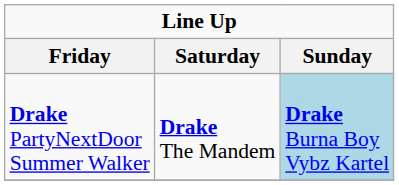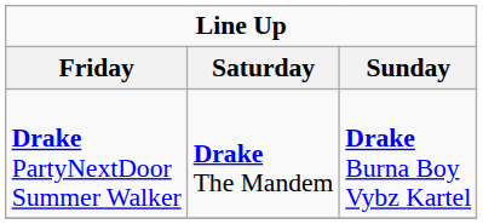 <table class="wikitable">
 <tr>
 <td colspan="3" style="text-align:center;"><strong>Line Up</strong></td>
 </tr>
 <tr>
 <th>Friday</th>
 <th>Saturday</th>
 <th>Sunday</th>
 </tr>
 <tr>
 <td><br><strong><a href='#'>Drake</a></strong> <br><a href='#'>PartyNextDoor</a> <br><a href='#'>Summer Walker</a></td>
 <td><br><strong><a href='#'>Drake</a></strong> <br>The Mandem</td>
-<td style="background: lightblue;"><br><strong><a href='#'>Drake</a></strong> <br><a href='#'>Burna Boy</a> <br><a href='#'>Vybz Kartel</a></td>
+<td><br><strong><a href='#'>Drake</a></strong> <br><a href='#'>Burna Boy</a> <br><a href='#'>Vybz Kartel</a></td>
 </tr>
 <tr>
 </tr>
 </table>
